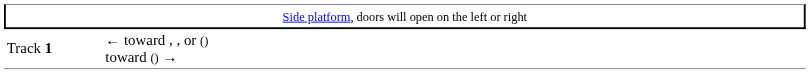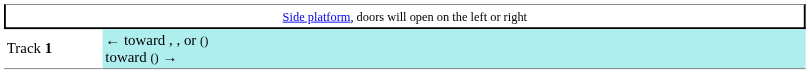 <table cellpadding="3" cellspacing="0" border="0">
 <tr>
 <td colspan="2" style="border-top:solid 1px gray;border-right:solid 2px black;border-left:solid 2px black;border-bottom:solid 2px black;text-align:center;"><small><a href='#'>Side platform</a>, doors will open on the left or right</small> </td>
 </tr>
 <tr>
 <td width="100" style="border-bottom:solid 1px gray;">Track <strong>1</strong></td>
-<td width="750" style="border-bottom:solid 1px gray;">←  toward , , or  <small>()</small><br>  toward  <small>()</small> →</td>
+<td width="750" style="background: paleturquoise; border-bottom:solid 1px gray;">←  toward , , or  <small>()</small><br>  toward  <small>()</small> →</td>
 </tr>
 </table>
